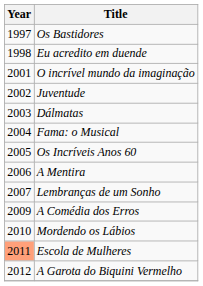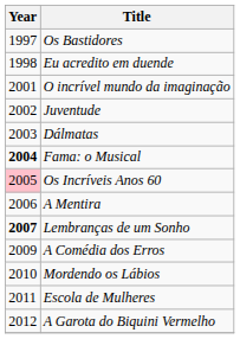 <table class="wikitable" style="font-size: 90%;">
 <tr>
 <th>Year</th>
 <th>Title</th>
 </tr>
 <tr>
 <td>1997</td>
 <td><em>Os Bastidores</em></td>
 </tr>
 <tr>
 <td>1998</td>
 <td><em>Eu acredito em duende</em></td>
 </tr>
 <tr>
 <td>2001</td>
 <td><em>O incrível mundo da imaginação</em></td>
 </tr>
 <tr>
 <td>2002</td>
 <td><em>Juventude</em></td>
 </tr>
 <tr>
 <td>2003</td>
 <td><em>Dálmatas</em></td>
 </tr>
 <tr>
-<td>2004</td>
+<td><strong>2004</strong></td>
 <td><em>Fama: o Musical</em></td>
 </tr>
 <tr>
-<td>2005</td>
+<td style="background: pink;">2005</td>
 <td><em>Os Incríveis Anos 60</em></td>
 </tr>
 <tr>
 <td>2006</td>
 <td><em>A Mentira</em></td>
 </tr>
 <tr>
-<td>2007</td>
+<td><strong>2007</strong></td>
 <td><em>Lembranças de um Sonho</em></td>
 </tr>
 <tr>
 <td>2009</td>
 <td><em>A Comédia dos Erros</em></td>
 </tr>
 <tr>
 <td>2010</td>
 <td><em>Mordendo os Lábios</em></td>
 </tr>
 <tr>
-<td style="background: lightsalmon;">2011</td>
+<td>2011</td>
 <td><em>Escola de Mulheres</em></td>
 </tr>
 <tr>
 <td>2012</td>
 <td><em>A Garota do Biquini Vermelho</em></td>
 </tr>
 <tr>
 </tr>
 </table>
